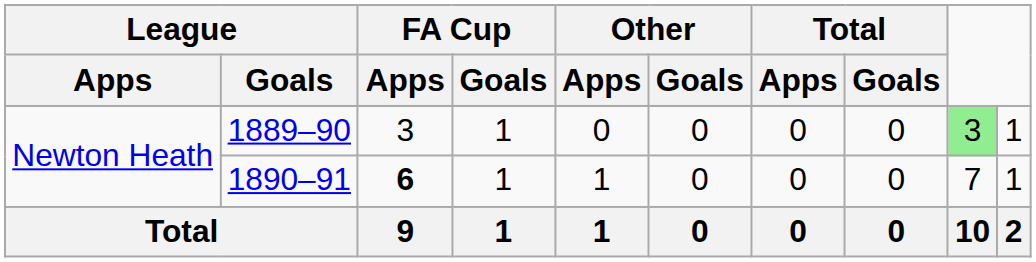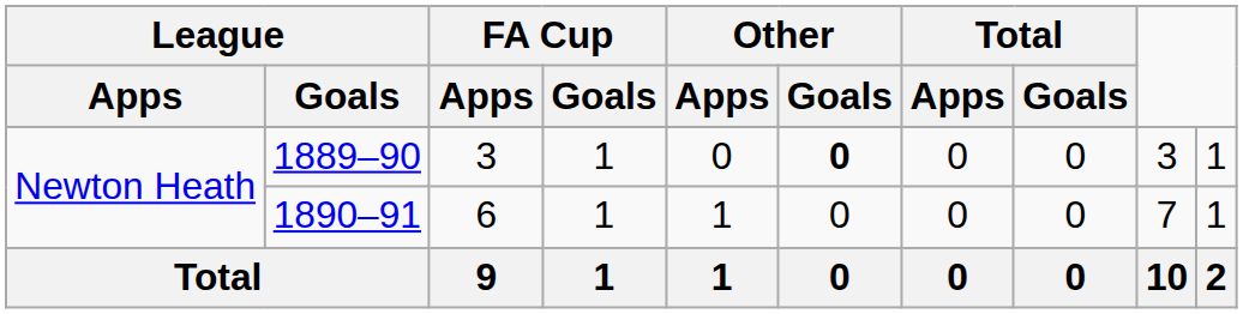 <table class="wikitable" style="text-align:center">
 <tr>
 <th colspan="2">League</th>
 <th colspan="2">FA Cup</th>
 <th colspan="2">Other</th>
 <th colspan="2">Total</th>
 </tr>
 <tr>
 <th>Apps</th>
 <th>Goals</th>
 <th>Apps</th>
 <th>Goals</th>
 <th>Apps</th>
 <th>Goals</th>
 <th>Apps</th>
 <th>Goals</th>
 </tr>
 <tr>
 <td rowspan="3"><a href='#'>Newton Heath</a></td>
 </tr>
 <tr>
 <td><a href='#'>1889–90</a></td>
 <td>3</td>
 <td>1</td>
 <td>0</td>
+<td><strong>0</strong></td>
 <td>0</td>
 <td>0</td>
-<td>0</td>
-<td style="background: lightgreen;">3</td>
+<td>3</td>
 <td>1</td>
 </tr>
 <tr>
 <td><a href='#'>1890–91</a></td>
-<td><strong>6</strong></td>
+<td>6</td>
 <td>1</td>
 <td>1</td>
 <td>0</td>
 <td>0</td>
 <td>0</td>
 <td>7</td>
 <td>1</td>
 </tr>
 <tr>
 <th colspan="2">Total</th>
 <th>9</th>
 <th>1</th>
 <th>1</th>
 <th>0</th>
 <th>0</th>
 <th>0</th>
 <th>10</th>
 <th>2</th>
 </tr>
 </table>
